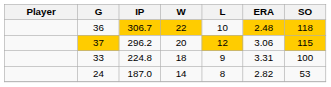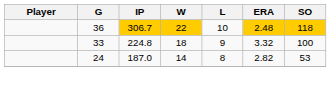 <table class="wikitable sortable">
 <tr>
 <th bgcolor="#DDDDFF" width="16%">Player</th>
 <th bgcolor="#DDDDFF" width="9%">G</th>
 <th bgcolor="#DDDDFF" width="9%">IP</th>
 <th bgcolor="#DDDDFF" width="9%">W</th>
 <th bgcolor="#DDDDFF" width="9%">L</th>
 <th bgcolor="#DDDDFF" width="9%">ERA</th>
 <th bgcolor="#DDDDFF" width="9%">SO</th>
 </tr>
 <tr align="center">
 <td></td>
 <td>36</td>
 <td style="background:#fc0;">306.7</td>
 <td style="background:#fc0;">22</td>
 <td>10</td>
 <td style="background:#fc0;">2.48</td>
 <td style="background:#fc0;">118</td>
 </tr>
 <tr align="center">
 <td></td>
-<td style="background:#fc0;">37</td>
-<td>296.2</td>
-<td>20</td>
-<td style="background:#fc0;">12</td>
-<td>3.06</td>
-<td style="background:#fc0;">115</td>
-</tr>
-<tr align="center">
-<td></td>
 <td>33</td>
 <td>224.8</td>
 <td>18</td>
 <td>9</td>
-<td>3.31</td>
+<td>3.32</td>
 <td>100</td>
 </tr>
 <tr align="center">
 <td></td>
 <td>24</td>
 <td>187.0</td>
 <td>14</td>
 <td>8</td>
 <td>2.82</td>
 <td>53</td>
 </tr>
 <tr align="center">
 </tr>
 </table>
